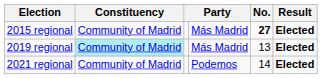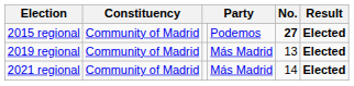 <table class="wikitable" style="text-align:left;">
 <tr>
 <th scope=col>Election</th>
 <th scope=col>Constituency</th>
 <th scope=col colspan="2">Party</th>
 <th scope=col>No.</th>
 <th scope=col>Result</th>
 </tr>
 <tr>
 <td><a href='#'>2015 regional</a></td>
 <td><a href='#'>Community of Madrid</a></td>
 <td style="background:"></td>
-<td><a href='#'>Más Madrid</a></td>
+<td><a href='#'>Podemos</a></td>
 <td align=right><strong>27</strong></td>
 <td><strong>Elected</strong></td>
 </tr>
 <tr>
 <td><a href='#'>2019 regional</a></td>
-<td style="background: paleturquoise;"><a href='#'>Community of Madrid</a></td>
+<td><a href='#'>Community of Madrid</a></td>
 <td style="background:"></td>
 <td><a href='#'>Más Madrid</a></td>
 <td align=right>13</td>
 <td><strong>Elected</strong></td>
 </tr>
 <tr>
 <td><a href='#'>2021 regional</a></td>
 <td><a href='#'>Community of Madrid</a></td>
 <td style="background:"></td>
-<td><a href='#'>Podemos</a></td>
+<td><a href='#'>Más Madrid</a></td>
 <td align=right>14</td>
 <td><strong>Elected</strong></td>
 </tr>
 </table>
